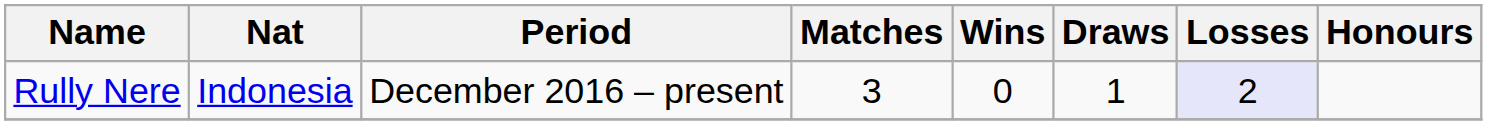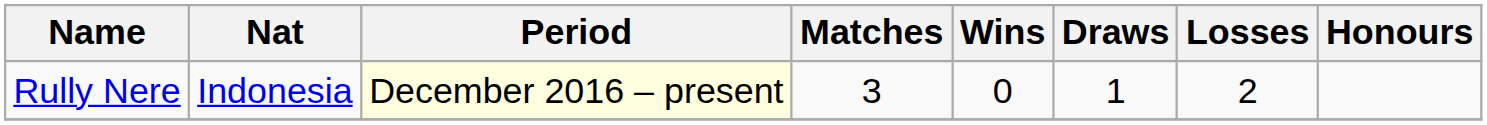 <table class="wikitable">
 <tr>
 <th>Name</th>
 <th>Nat</th>
 <th>Period</th>
 <th>Matches</th>
 <th>Wins</th>
 <th>Draws</th>
 <th>Losses</th>
 <th>Honours</th>
 </tr>
 <tr>
 <td><a href='#'>Rully Nere</a></td>
 <td align="center"> <a href='#'>Indonesia</a></td>
-<td align="center">December 2016 – present</td>
+<td align="center" style="background: lightyellow;">December 2016 – present</td>
 <td align="center">3</td>
 <td align="center">0</td>
 <td align="center">1</td>
-<td align="center" style="background: lavender;">2</td>
+<td align="center">2</td>
 <td></td>
 </tr>
 <tr>
 </tr>
 </table>
